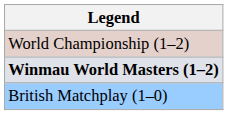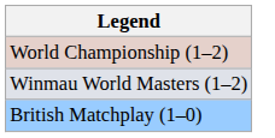 <table class="wikitable">
 <tr>
 <th>Legend</th>
 </tr>
 <tr style="background:#e5d1cb;">
 <td>World Championship (1–2)</td>
 </tr>
 <tr style="background:#dfe2e9;">
-<td><strong>Winmau World Masters (1–2)</strong></td>
+<td>Winmau World Masters (1–2)</td>
 </tr>
 <tr style="background:#9cf;">
 <td>British Matchplay (1–0)</td>
 </tr>
 </table>
